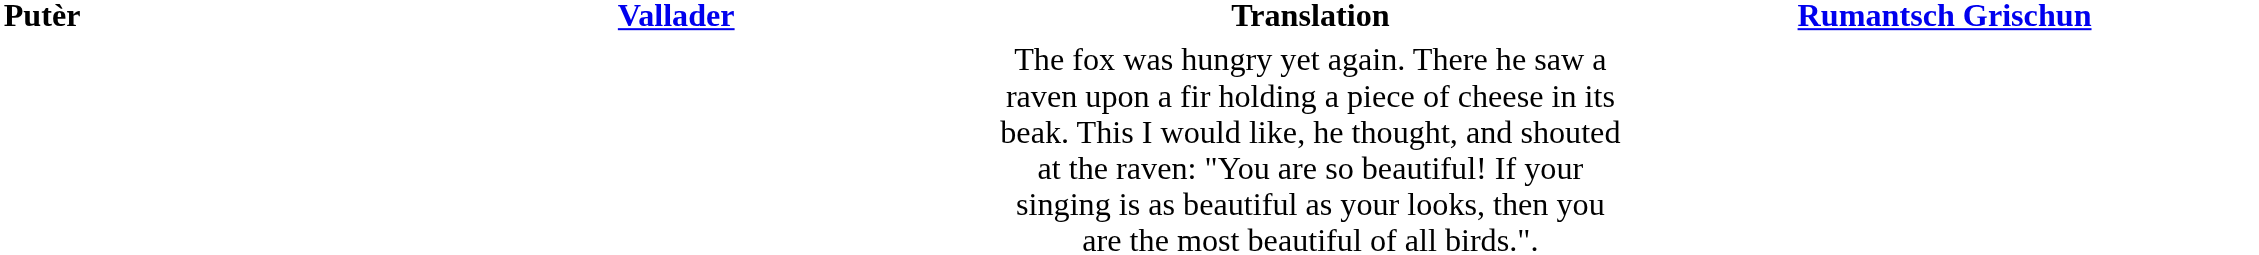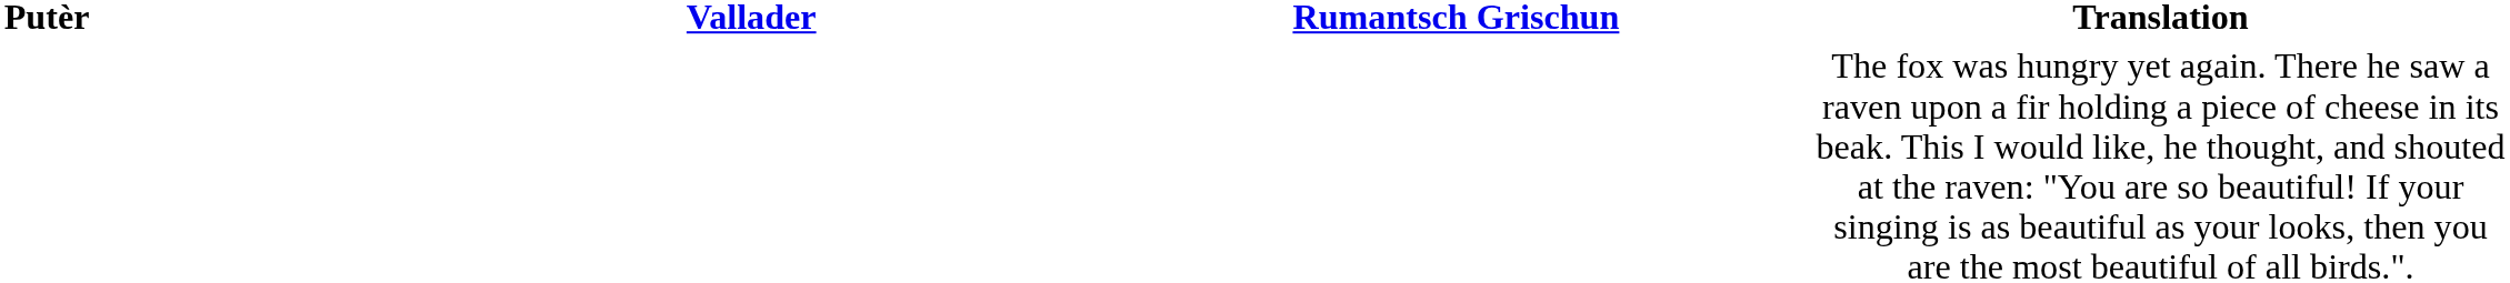 <table border="0" style="width:100%; font-family:serif; font-size:100%; text-align:center;">
 <tr>
 <th style="width:12.5%;">Putèr<br></th>
 <th style="width:12.5%;"><a href='#'>Vallader</a><br></th>
+<th style="width:12.5%;"><a href='#'>Rumantsch Grischun</a><br></th>
 <th style="width:12.5%;">Translation</th>
-<th style="width:12.5%;"><a href='#'>Rumantsch Grischun</a><br></th>
 </tr>
 <tr>
 <td></td>
 <td></td>
+<td></td>
 <td>The fox was hungry yet again. There he saw a raven upon a fir holding a piece of cheese in its beak. This I would like, he thought, and shouted at the raven: "You are so beautiful! If your singing is as beautiful as your looks, then you are the most beautiful of all birds.".</td>
-<td></td>
 </tr>
 </table>
